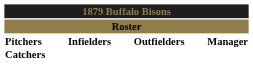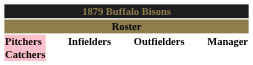 <table class="toccolours" style="font-size: 95%;">
 <tr>
 <th colspan="10" style="background-color: #1E1E1E; color: #8F7D4B; text-align: center;">1879 Buffalo Bisons</th>
 </tr>
 <tr>
 <td colspan="10" style="background-color: #8F7D4B; color: 1E1E1E; text-align: center;"><strong>Roster</strong></td>
 </tr>
 <tr>
-<td valign="top"><strong>Pitchers</strong><br> <strong>Catchers</strong> </td>
+<td valign="top" style="background: pink;"><strong>Pitchers</strong><br> <strong>Catchers</strong> </td>
 <td width="25px"></td>
 <td valign="top"><strong>Infielders</strong><br>     </td>
 <td width="25px"></td>
 <td valign="top"><strong>Outfielders</strong><br>   </td>
 <td width="25px"></td>
 <td valign="top"><strong>Manager</strong><br></td>
 </tr>
 </table>
